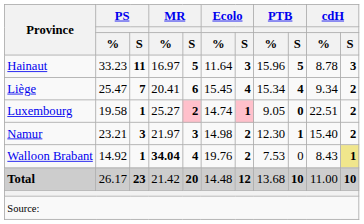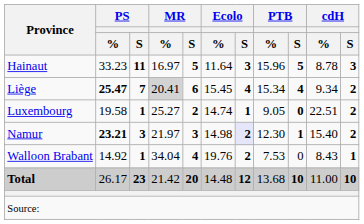 <table class="wikitable sortable" style="text-align:right; font-size:95%; line-height:20px;">
 <tr>
 <th rowspan="3">Province</th>
 <th colspan="2" width="30px" class="unsortable"><a href='#'>PS</a></th>
 <th colspan="2" width="30px" class="unsortable"><a href='#'>MR</a></th>
 <th colspan="2" width="30px" class="unsortable"><a href='#'>Ecolo</a></th>
 <th colspan="2" width="30px" class="unsortable"><a href='#'>PTB</a></th>
 <th colspan="2" width="30px" class="unsortable"><a href='#'>cdH</a></th>
 </tr>
 <tr>
 <th colspan="2" style="background:"></th>
 <th colspan="2" style="background:"></th>
 <th colspan="2" style="background:"></th>
 <th colspan="2" style="background:"></th>
 <th colspan="2" style="background:"></th>
 </tr>
 <tr>
 <th data-sort-type="number">%</th>
 <th data-sort-type="number">S</th>
 <th data-sort-type="number">%</th>
 <th data-sort-type="number">S</th>
 <th data-sort-type="number">%</th>
 <th data-sort-type="number">S</th>
 <th data-sort-type="number">%</th>
 <th data-sort-type="number">S</th>
 <th data-sort-type="number">%</th>
 <th data-sort-type="number">S</th>
 </tr>
 <tr>
 <td align="left"><a href='#'>Hainaut</a></td>
 <td style="background:">33.23</td>
 <td><strong>11</strong></td>
 <td>16.97</td>
 <td><strong>5</strong></td>
 <td>11.64</td>
 <td><strong>3</strong></td>
 <td>15.96</td>
 <td><strong>5</strong></td>
 <td>8.78</td>
 <td><strong>3</strong></td>
 </tr>
 <tr>
 <td align="left"><a href='#'>Liège</a></td>
-<td style="background:">25.47</td>
+<td style="background:"><strong>25.47</strong></td>
 <td><strong>7</strong></td>
-<td>20.41</td>
+<td style="background: lightgrey;">20.41</td>
 <td><strong>6</strong></td>
 <td>15.45</td>
 <td><strong>4</strong></td>
 <td>15.34</td>
 <td><strong>4</strong></td>
 <td>9.34</td>
 <td><strong>2</strong></td>
 </tr>
 <tr>
 <td align="left"><a href='#'>Luxembourg</a></td>
 <td>19.58</td>
 <td><strong>1</strong></td>
 <td style="background:">25.27</td>
-<td style="background: pink;"><strong>2</strong></td>
+<td><strong>2</strong></td>
 <td>14.74</td>
-<td style="background: pink;"><strong>1</strong></td>
+<td><strong>1</strong></td>
 <td>9.05</td>
 <td><strong>0</strong></td>
 <td>22.51</td>
 <td><strong>2</strong></td>
 </tr>
 <tr>
 <td align="left"><a href='#'>Namur</a></td>
-<td style="background:">23.21</td>
+<td style="background:"><strong>23.21</strong></td>
 <td><strong>3</strong></td>
 <td>21.97</td>
 <td><strong>3</strong></td>
 <td>14.98</td>
-<td><strong>2</strong></td>
+<td style="background: lavender;"><strong>2</strong></td>
 <td>12.30</td>
 <td><strong>1</strong></td>
 <td>15.40</td>
 <td><strong>2</strong></td>
 </tr>
 <tr>
 <td><a href='#'>Walloon Brabant</a></td>
 <td>14.92</td>
 <td><strong>1</strong></td>
-<td style="background:"><strong>34.04</strong></td>
+<td style="background:">34.04</td>
 <td><strong>4</strong></td>
 <td>19.76</td>
 <td><strong>2</strong></td>
 <td>7.53</td>
 <td>0</td>
 <td>8.43</td>
-<td style="background: khaki;"><strong>1</strong></td>
+<td><strong>1</strong></td>
 </tr>
 <tr style="background:#CDCDCD;">
 <td align="left"><strong>Total</strong></td>
 <td style="background:">26.17</td>
 <td><strong>23</strong></td>
 <td>21.42</td>
 <td><strong>20</strong></td>
 <td>14.48</td>
 <td><strong>12</strong></td>
 <td>13.68</td>
 <td><strong>10</strong></td>
 <td>11.00</td>
 <td><strong>10</strong></td>
 </tr>
 <tr>
 <th colspan="12"></th>
 </tr>
 <tr>
 <th colspan="12" style="text-align:left; font-weight:normal; background:#F9F9F9"><small>Source: </small></th>
 </tr>
 </table>
